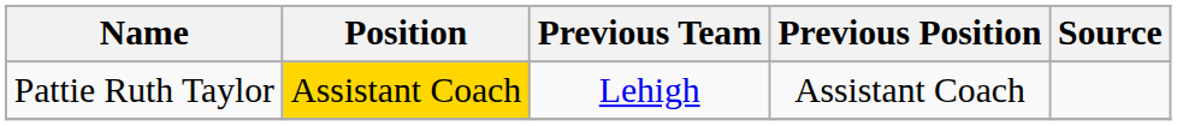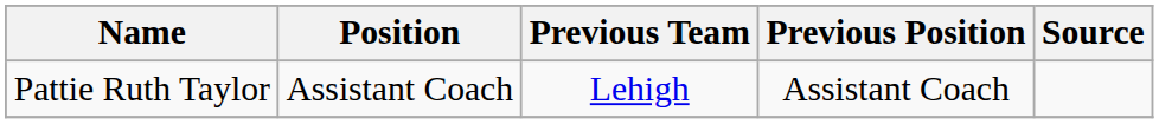 <table class="wikitable">
 <tr>
 <th style="text-align:center; ">Name</th>
 <th style="text-align:center; ">Position</th>
 <th style="text-align:center; ">Previous Team</th>
 <th style="text-align:center; ">Previous Position</th>
 <th style="text-align:center; ">Source</th>
 </tr>
 <tr align="center">
 <td>Pattie Ruth Taylor</td>
-<td style="background: gold;">Assistant Coach</td>
+<td>Assistant Coach</td>
 <td><a href='#'>Lehigh</a></td>
 <td>Assistant Coach</td>
 <td></td>
 </tr>
 <tr>
 </tr>
 </table>
